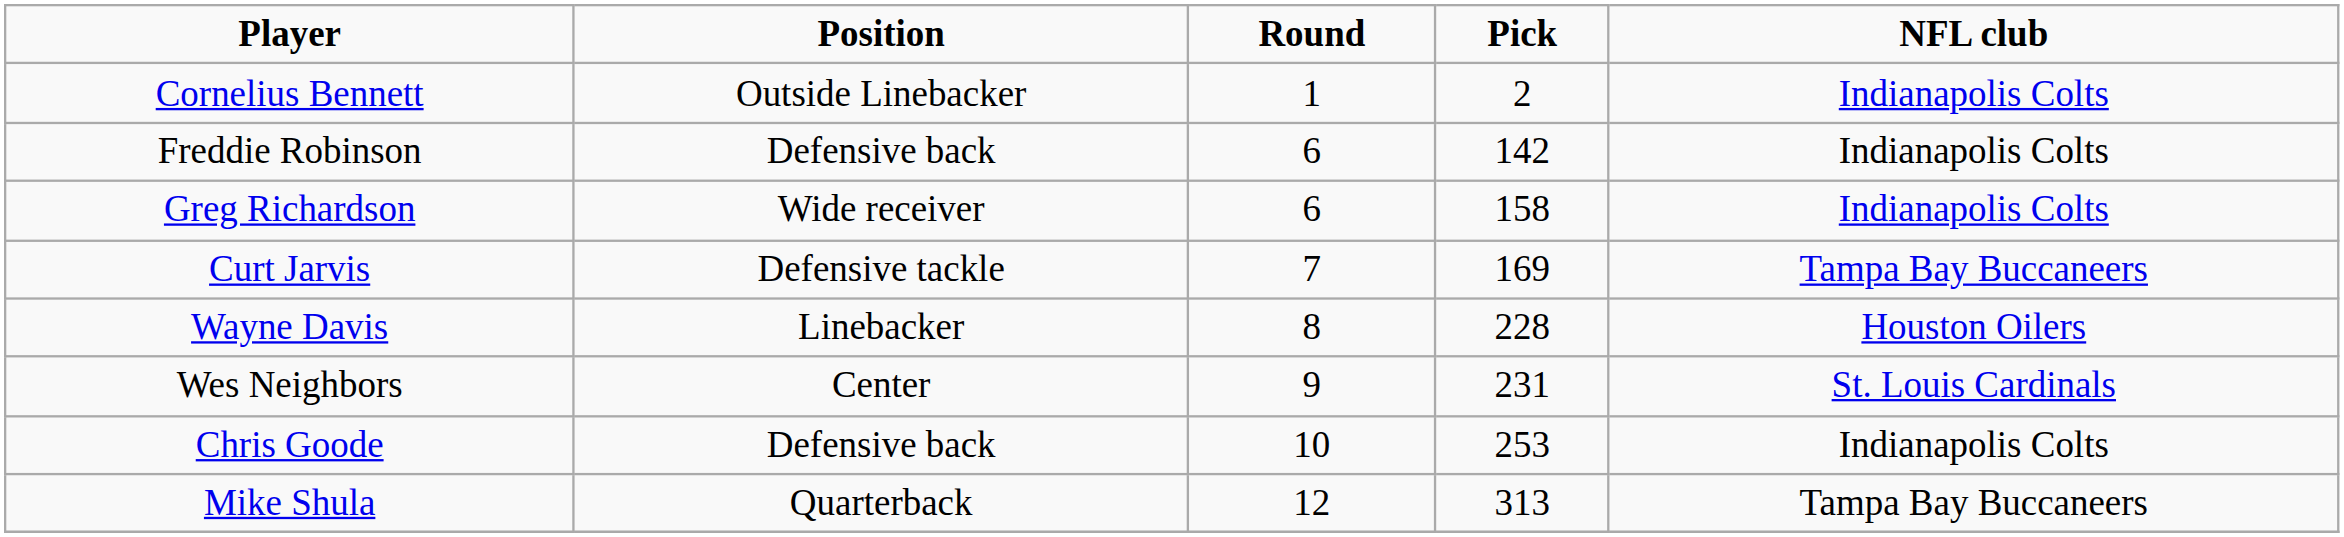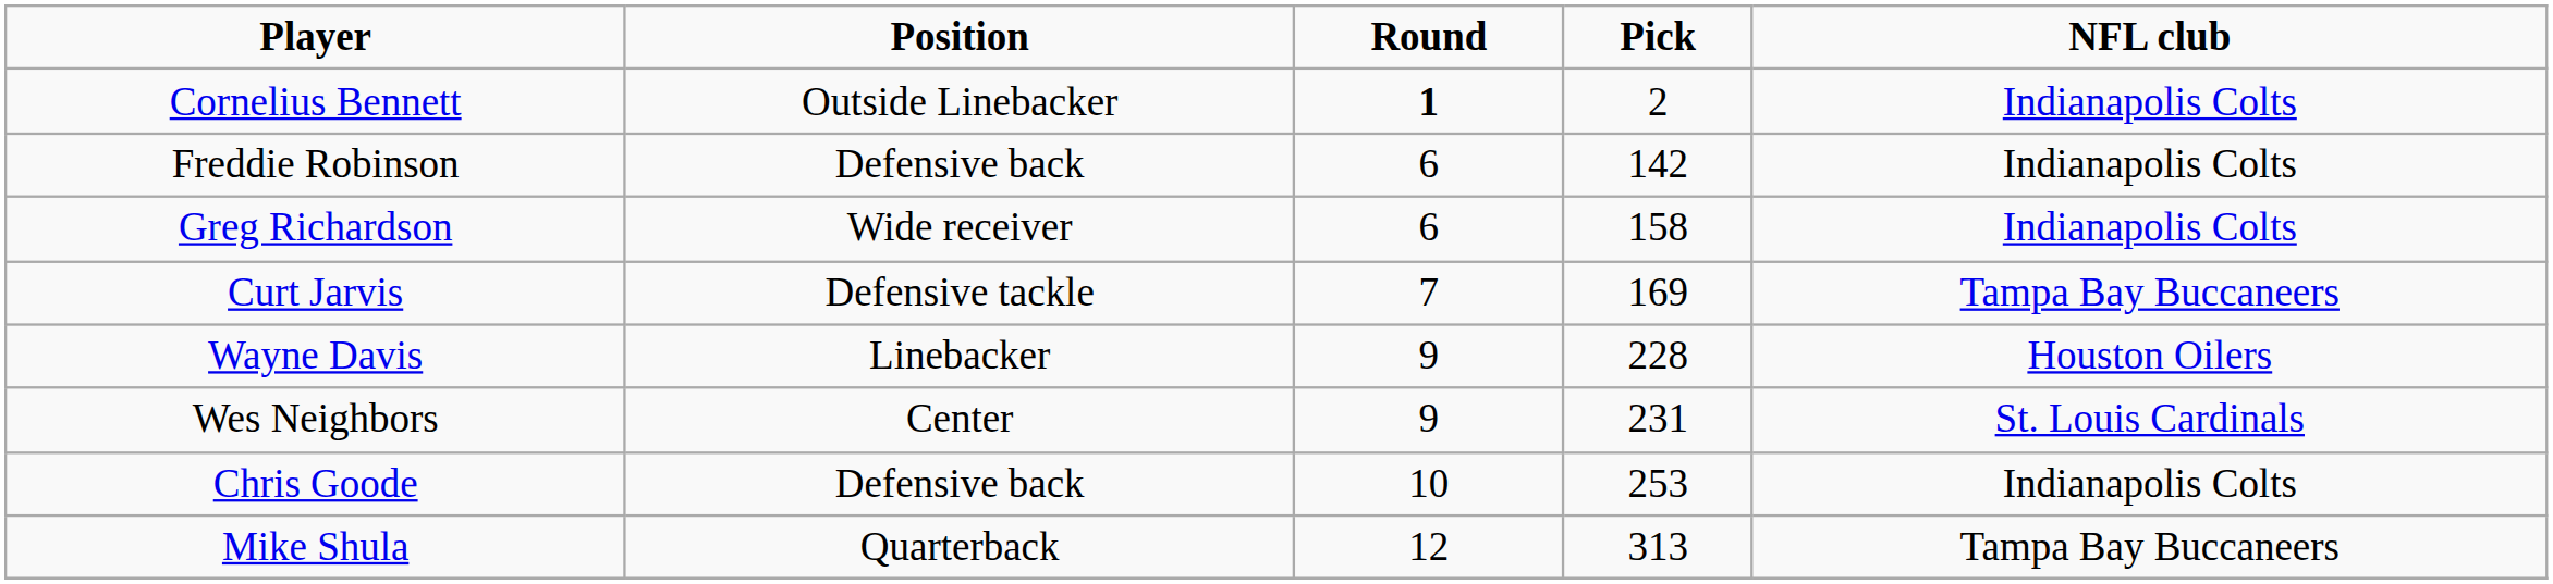 <table class="wikitable" width="80%">
 <tr align="center">
 <td><strong>Player</strong></td>
 <td><strong>Position</strong></td>
 <td><strong>Round</strong></td>
 <td><strong>Pick</strong></td>
 <td><strong>NFL club</strong></td>
 </tr>
 <tr align="center" bgcolor="">
 <td><a href='#'>Cornelius Bennett</a></td>
 <td>Outside Linebacker</td>
-<td>1</td>
+<td><strong>1</strong></td>
 <td>2</td>
 <td><a href='#'>Indianapolis Colts</a></td>
 </tr>
 <tr align="center" bgcolor="">
 <td>Freddie Robinson</td>
 <td>Defensive back</td>
 <td>6</td>
 <td>142</td>
 <td>Indianapolis Colts</td>
 </tr>
 <tr align="center" bgcolor="">
 <td><a href='#'>Greg Richardson</a></td>
 <td>Wide receiver</td>
 <td>6</td>
 <td>158</td>
 <td><a href='#'>Indianapolis Colts</a></td>
 </tr>
 <tr align="center" bgcolor="">
 <td><a href='#'>Curt Jarvis</a></td>
 <td>Defensive tackle</td>
 <td>7</td>
 <td>169</td>
 <td><a href='#'>Tampa Bay Buccaneers</a></td>
 </tr>
 <tr align="center" bgcolor="">
 <td><a href='#'>Wayne Davis</a></td>
 <td>Linebacker</td>
-<td>8</td>
+<td>9</td>
 <td>228</td>
 <td><a href='#'>Houston Oilers</a></td>
 </tr>
 <tr align="center" bgcolor="">
 <td>Wes Neighbors</td>
 <td>Center</td>
 <td>9</td>
 <td>231</td>
 <td><a href='#'>St. Louis Cardinals</a></td>
 </tr>
 <tr align="center" bgcolor="">
 <td><a href='#'>Chris Goode</a></td>
 <td>Defensive back</td>
 <td>10</td>
 <td>253</td>
 <td>Indianapolis Colts</td>
 </tr>
 <tr align="center" bgcolor="">
 <td><a href='#'>Mike Shula</a></td>
 <td>Quarterback</td>
 <td>12</td>
 <td>313</td>
 <td>Tampa Bay Buccaneers</td>
 </tr>
 <tr align="center" bgcolor="">
 </tr>
 </table>
